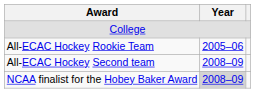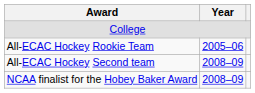 <table class="wikitable">
 <tr>
 <th>Award</th>
 <th>Year</th>
 <th></th>
 </tr>
 <tr ALIGN="center" bgcolor="#e0e0e0">
 <td colspan="3"><a href='#'>College</a></td>
 </tr>
 <tr>
 <td>All-<a href='#'>ECAC Hockey</a> <a href='#'>Rookie Team</a></td>
 <td><a href='#'>2005–06</a></td>
 <td></td>
 </tr>
 <tr>
 <td>All-<a href='#'>ECAC Hockey</a> <a href='#'>Second team</a></td>
 <td><a href='#'>2008–09</a></td>
 <td></td>
 </tr>
 <tr>
 <td><a href='#'>NCAA</a> finalist for the <a href='#'>Hobey Baker Award</a></td>
-<td style="background: lightgrey;"><a href='#'>2008–09</a></td>
+<td><a href='#'>2008–09</a></td>
 <td></td>
 </tr>
 </table>
